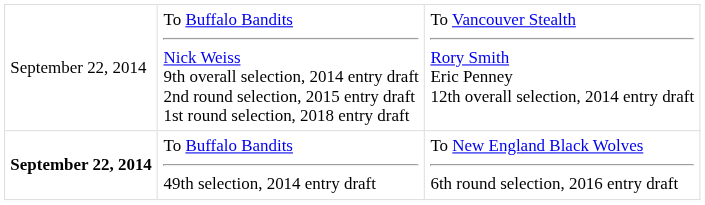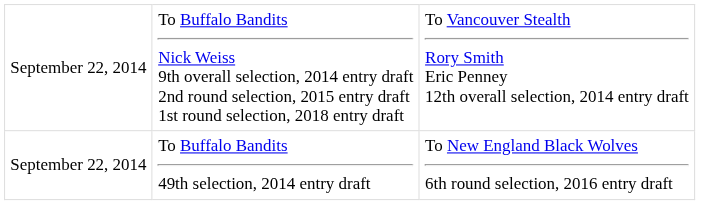 <table border=1 style="border-collapse:collapse" bordercolor="#DFDFDF"  cellpadding="5">
 <tr>
 <td>September 22, 2014</td>
 <td valign="top">To <a href='#'>Buffalo Bandits</a><hr><a href='#'>Nick Weiss</a><br>9th overall selection, 2014 entry draft<br>2nd round selection, 2015 entry draft<br>1st round selection, 2018 entry draft</td>
 <td valign="top">To <a href='#'>Vancouver Stealth</a><hr><a href='#'>Rory Smith</a><br>Eric Penney<br>12th overall selection, 2014 entry draft</td>
 </tr>
 <tr>
-<td><strong>September 22, 2014</strong></td>
+<td>September 22, 2014</td>
 <td valign="top">To <a href='#'>Buffalo Bandits</a><hr>49th selection, 2014 entry draft</td>
 <td valign="top">To <a href='#'>New England Black Wolves</a><hr>6th round selection, 2016 entry draft</td>
 </tr>
 </table>
